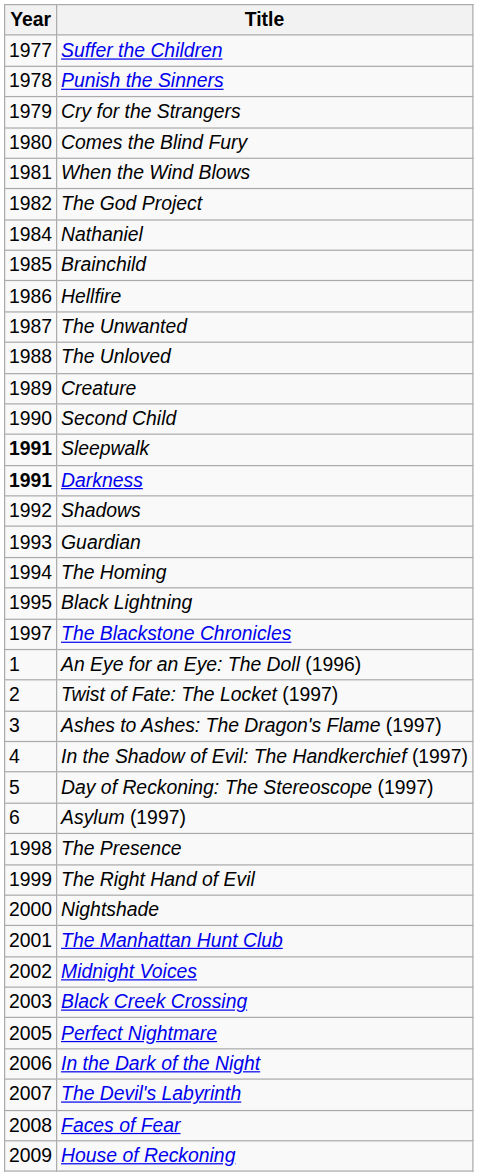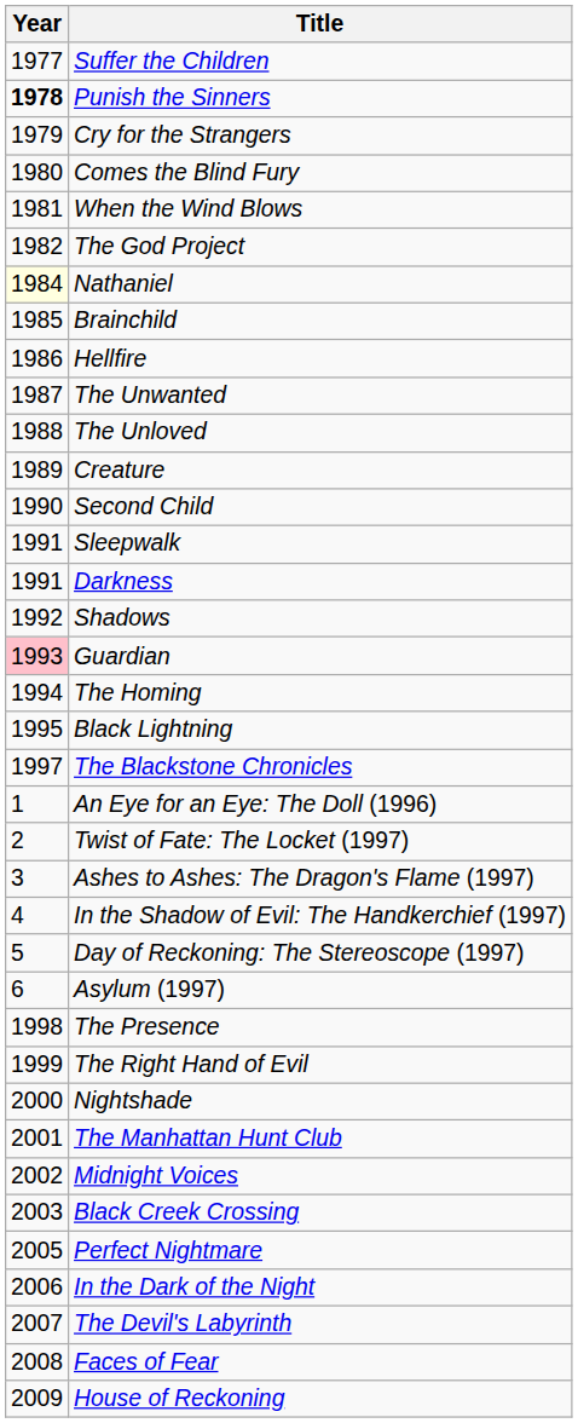 <table class="wikitable">
 <tr>
 <th>Year</th>
 <th>Title</th>
 </tr>
 <tr>
 <td>1977</td>
 <td><em><a href='#'>Suffer the Children</a></em></td>
 </tr>
 <tr>
-<td>1978</td>
+<td><strong>1978</strong></td>
 <td><em><a href='#'>Punish the Sinners</a></em></td>
 </tr>
 <tr>
 <td>1979</td>
 <td><em>Cry for the Strangers</em></td>
 </tr>
 <tr>
 <td>1980</td>
 <td><em>Comes the Blind Fury</em></td>
 </tr>
 <tr>
 <td>1981</td>
 <td><em>When the Wind Blows</em></td>
 </tr>
 <tr>
 <td>1982</td>
 <td><em>The God Project</em></td>
 </tr>
 <tr>
-<td>1984</td>
+<td style="background: lightyellow;">1984</td>
 <td><em>Nathaniel</em></td>
 </tr>
 <tr>
 <td>1985</td>
 <td><em>Brainchild</em></td>
 </tr>
 <tr>
 <td>1986</td>
 <td><em>Hellfire</em></td>
 </tr>
 <tr>
 <td>1987</td>
 <td><em>The Unwanted</em></td>
 </tr>
 <tr>
 <td>1988</td>
 <td><em>The Unloved</em></td>
 </tr>
 <tr>
 <td>1989</td>
 <td><em>Creature</em></td>
 </tr>
 <tr>
 <td>1990</td>
 <td><em>Second Child</em></td>
 </tr>
 <tr>
-<td><strong>1991</strong></td>
+<td>1991</td>
 <td><em>Sleepwalk</em></td>
 </tr>
 <tr>
-<td><strong>1991</strong></td>
+<td>1991</td>
 <td><em><a href='#'>Darkness</a></em></td>
 </tr>
 <tr>
 <td>1992</td>
 <td><em>Shadows</em></td>
 </tr>
 <tr>
-<td>1993</td>
+<td style="background: pink;">1993</td>
 <td><em>Guardian</em></td>
 </tr>
 <tr>
 <td>1994</td>
 <td><em>The Homing</em></td>
 </tr>
 <tr>
 <td>1995</td>
 <td><em>Black Lightning</em></td>
 </tr>
 <tr>
 <td>1997</td>
 <td><em><a href='#'>The Blackstone Chronicles</a></em></td>
 </tr>
 <tr>
 <td>1</td>
 <td><em>An Eye for an Eye: The Doll</em> (1996)</td>
 </tr>
 <tr>
 <td>2</td>
 <td><em>Twist of Fate: The Locket</em> (1997)</td>
 </tr>
 <tr>
 <td>3</td>
 <td><em>Ashes to Ashes: The Dragon's Flame</em> (1997)</td>
 </tr>
 <tr>
 <td>4</td>
 <td><em>In the Shadow of Evil: The Handkerchief</em> (1997)</td>
 </tr>
 <tr>
 <td>5</td>
 <td><em>Day of Reckoning: The Stereoscope</em> (1997)</td>
 </tr>
 <tr>
 <td>6</td>
 <td><em>Asylum</em> (1997)</td>
 </tr>
 <tr>
 <td>1998</td>
 <td><em>The Presence</em></td>
 </tr>
 <tr>
 <td>1999</td>
 <td><em>The Right Hand of Evil</em></td>
 </tr>
 <tr>
 <td>2000</td>
 <td><em>Nightshade</em></td>
 </tr>
 <tr>
 <td>2001</td>
 <td><em><a href='#'>The Manhattan Hunt Club</a></em></td>
 </tr>
 <tr>
 <td>2002</td>
 <td><em><a href='#'>Midnight Voices</a></em></td>
 </tr>
 <tr>
 <td>2003</td>
 <td><em><a href='#'>Black Creek Crossing</a></em></td>
 </tr>
 <tr>
 <td>2005</td>
 <td><em><a href='#'>Perfect Nightmare</a></em></td>
 </tr>
 <tr>
 <td>2006</td>
 <td><em><a href='#'>In the Dark of the Night</a></em></td>
 </tr>
 <tr>
 <td>2007</td>
 <td><em><a href='#'>The Devil's Labyrinth</a></em></td>
 </tr>
 <tr>
 <td>2008</td>
 <td><em><a href='#'>Faces of Fear</a></em></td>
 </tr>
 <tr>
 <td>2009</td>
 <td><em><a href='#'>House of Reckoning</a></em></td>
 </tr>
 </table>
